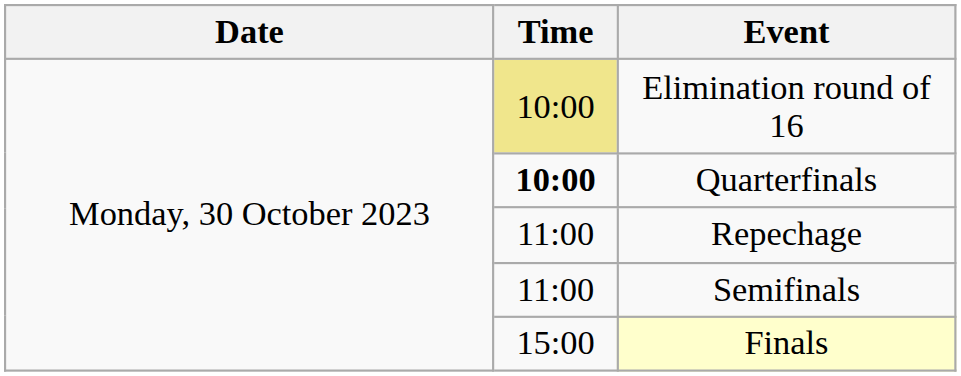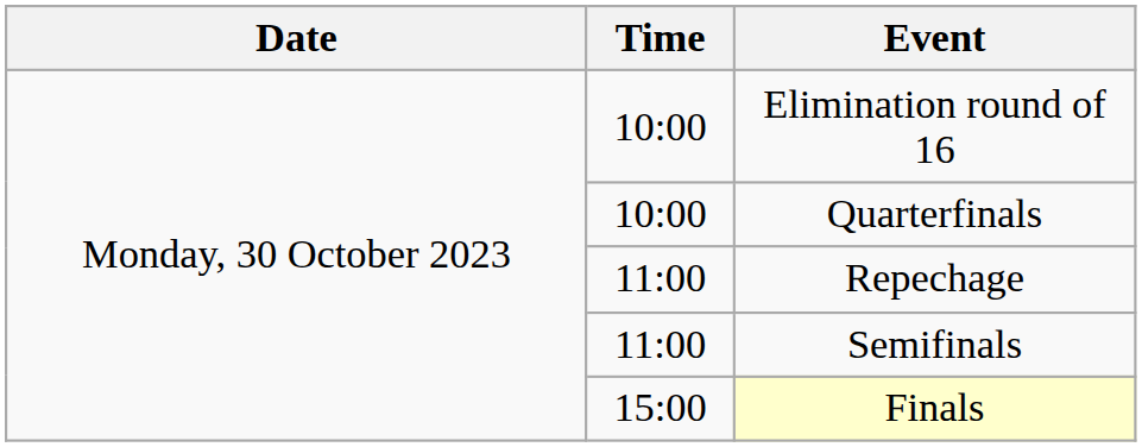 <table class = "wikitable" style="text-align:center;">
 <tr>
 <th width=220>Date</th>
 <th width=50>Time</th>
 <th width=150>Event</th>
 </tr>
 <tr>
 <td rowspan=5>Monday, 30 October 2023</td>
-<td style="background: khaki;">10:00</td>
+<td>10:00</td>
 <td>Elimination round of 16</td>
 </tr>
 <tr>
-<td><strong>10:00</strong></td>
+<td>10:00</td>
 <td>Quarterfinals</td>
 </tr>
 <tr>
 <td>11:00</td>
 <td>Repechage</td>
 </tr>
 <tr>
 <td>11:00</td>
 <td>Semifinals</td>
 </tr>
 <tr>
 <td>15:00</td>
 <td bgcolor=ffffcc>Finals</td>
 </tr>
 </table>
